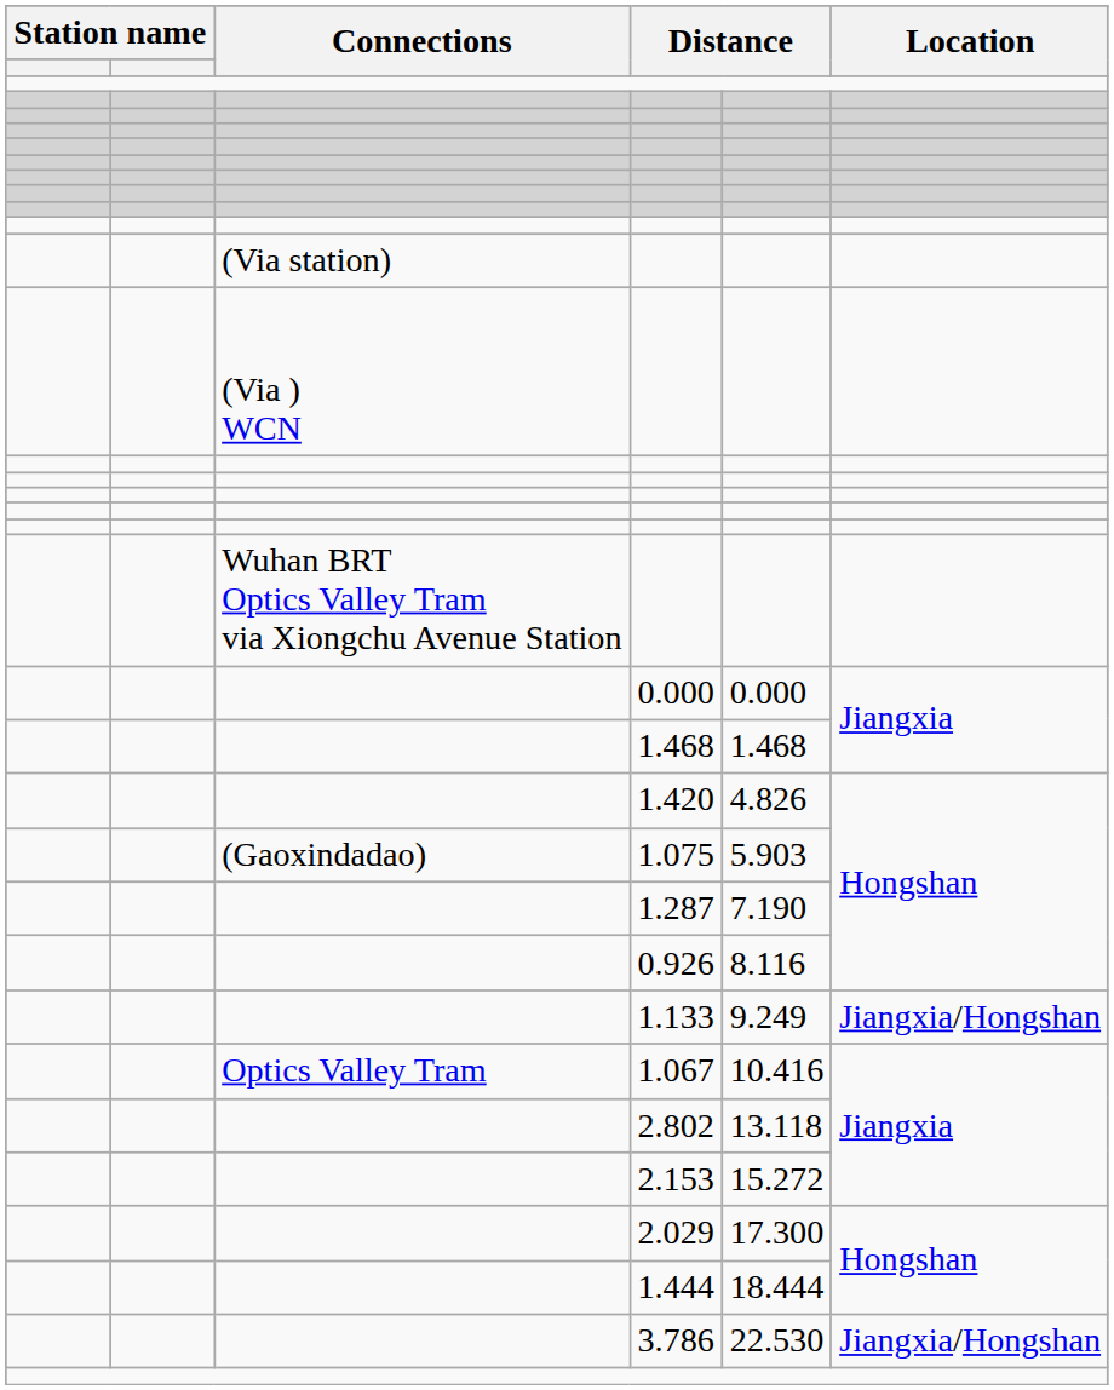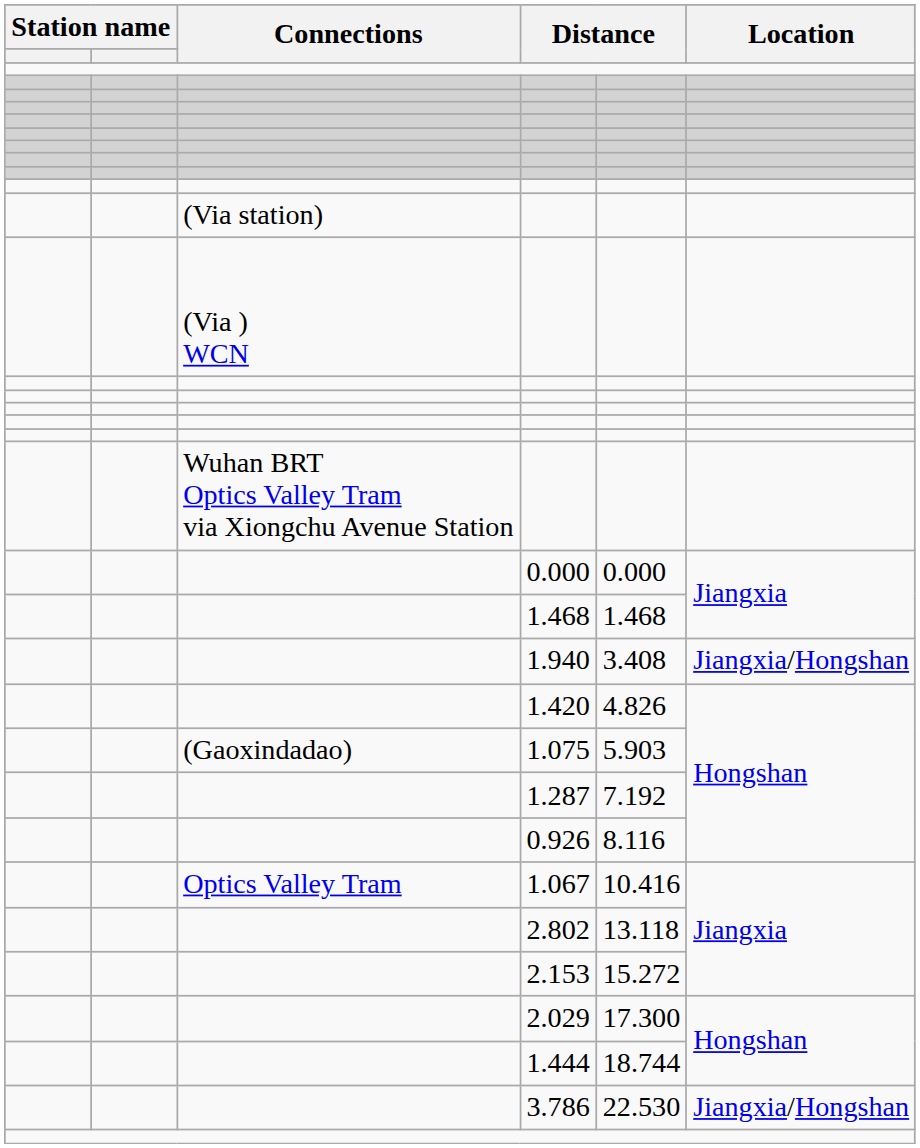 <table class="wikitable">
 <tr>
 <th colspan="2">Station name</th>
 <th rowspan="2">Connections</th>
 <th colspan="2" rowspan="2">Distance<br></th>
 <th rowspan="2">Location</th>
 </tr>
 <tr>
 <th></th>
 <th></th>
 </tr>
 <tr style="background:#">
 <td colspan = "6"></td>
 </tr>
 <tr bgcolor="lightgrey">
 <td></td>
 <td></td>
 <td></td>
 <td></td>
 <td></td>
 <td></td>
 </tr>
 <tr bgcolor="lightgrey">
 <td></td>
 <td></td>
 <td></td>
 <td></td>
 <td></td>
 <td></td>
 </tr>
 <tr bgcolor="lightgrey">
 <td></td>
 <td></td>
 <td></td>
 <td></td>
 <td></td>
 <td></td>
 </tr>
 <tr bgcolor="lightgrey">
 <td></td>
 <td></td>
 <td></td>
 <td></td>
 <td></td>
 <td></td>
 </tr>
 <tr bgcolor="lightgrey">
 <td></td>
 <td></td>
 <td></td>
 <td></td>
 <td></td>
 <td></td>
 </tr>
 <tr bgcolor="lightgrey">
 <td></td>
 <td></td>
 <td></td>
 <td></td>
 <td></td>
 <td></td>
 </tr>
 <tr bgcolor="lightgrey">
 <td></td>
 <td></td>
 <td></td>
 <td></td>
 <td></td>
 <td></td>
 </tr>
 <tr bgcolor="lightgrey">
 <td></td>
 <td></td>
 <td></td>
 <td></td>
 <td></td>
 <td></td>
 </tr>
 <tr>
 <td></td>
 <td></td>
 <td></td>
 <td></td>
 <td></td>
 <td></td>
 </tr>
 <tr>
 <td></td>
 <td></td>
 <td>  (Via  station)</td>
 <td></td>
 <td></td>
 <td></td>
 </tr>
 <tr>
 <td></td>
 <td></td>
 <td><br><br>  (Via )<br>  <a href='#'>WCN</a></td>
 <td></td>
 <td></td>
 <td></td>
 </tr>
 <tr>
 <td></td>
 <td></td>
 <td></td>
 <td></td>
 <td></td>
 <td></td>
 </tr>
 <tr>
 <td></td>
 <td></td>
 <td></td>
 <td></td>
 <td></td>
 <td></td>
 </tr>
 <tr>
 <td></td>
 <td></td>
 <td></td>
 <td></td>
 <td></td>
 <td></td>
 </tr>
 <tr>
 <td></td>
 <td></td>
 <td></td>
 <td></td>
 <td></td>
 <td></td>
 </tr>
 <tr>
 <td></td>
 <td></td>
 <td></td>
 <td></td>
 <td></td>
 <td></td>
 </tr>
 <tr>
 <td></td>
 <td></td>
 <td> Wuhan BRT<br> <a href='#'>Optics Valley Tram</a><br>via Xiongchu Avenue Station</td>
 <td></td>
 <td></td>
 <td></td>
 </tr>
 <tr>
 <td></td>
 <td></td>
 <td> </td>
 <td>0.000</td>
 <td>0.000</td>
 <td rowspan="2"><a href='#'>Jiangxia</a></td>
 </tr>
 <tr>
 <td></td>
 <td></td>
 <td></td>
 <td>1.468</td>
 <td>1.468</td>
 </tr>
 <tr>
 <td></td>
 <td></td>
 <td></td>
+<td>1.940</td>
+<td>3.408</td>
+<td rowspan="1"><a href='#'>Jiangxia</a>/<a href='#'>Hongshan</a></td>
+</tr>
+<tr>
+<td></td>
+<td></td>
+<td></td>
 <td>1.420</td>
 <td>4.826</td>
 <td rowspan="4"><a href='#'>Hongshan</a></td>
 </tr>
 <tr>
 <td></td>
 <td></td>
 <td> (Gaoxindadao)</td>
 <td>1.075</td>
 <td>5.903</td>
 </tr>
 <tr>
 <td></td>
 <td></td>
 <td></td>
 <td>1.287</td>
-<td>7.190</td>
+<td>7.192</td>
 </tr>
 <tr>
 <td></td>
 <td></td>
 <td></td>
 <td>0.926</td>
 <td>8.116</td>
-</tr>
-<tr>
-<td></td>
-<td></td>
-<td></td>
-<td>1.133</td>
-<td>9.249</td>
-<td rowspan="1"><a href='#'>Jiangxia</a>/<a href='#'>Hongshan</a></td>
 </tr>
 <tr>
 <td></td>
 <td></td>
 <td> <a href='#'>Optics Valley Tram</a></td>
 <td>1.067</td>
 <td>10.416</td>
 <td rowspan="3"><a href='#'>Jiangxia</a></td>
 </tr>
 <tr>
 <td></td>
 <td></td>
 <td></td>
 <td>2.802</td>
 <td>13.118</td>
 </tr>
 <tr>
 <td></td>
 <td></td>
 <td></td>
 <td>2.153</td>
 <td>15.272</td>
 </tr>
 <tr>
 <td></td>
 <td></td>
 <td></td>
 <td>2.029</td>
 <td>17.300</td>
 <td rowspan="2"><a href='#'>Hongshan</a></td>
 </tr>
 <tr>
 <td></td>
 <td></td>
 <td></td>
 <td>1.444</td>
-<td>18.444</td>
+<td>18.744</td>
 </tr>
 <tr>
 <td></td>
 <td></td>
 <td></td>
 <td>3.786</td>
 <td>22.530</td>
 <td rowspan="1"><a href='#'>Jiangxia</a>/<a href='#'>Hongshan</a></td>
 </tr>
 <tr style="background:#">
 <td colspan = "6"></td>
 </tr>
 </table>
